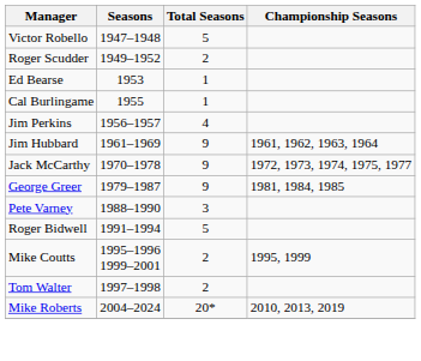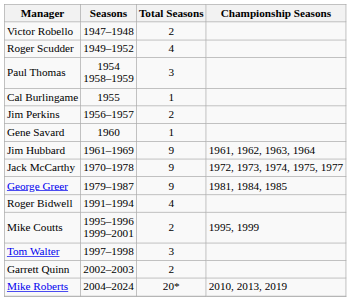 <table class="wikitable" style="text-align:center">
 <tr>
 <th>Manager</th>
 <th>Seasons</th>
 <th>Total Seasons</th>
 <th>Championship Seasons</th>
 </tr>
 <tr>
 <td style="text-align:left">Victor Robello</td>
 <td>1947–1948</td>
-<td>5</td>
+<td>2</td>
 <td style="text-align:left"></td>
 </tr>
 <tr>
 <td style="text-align:left">Roger Scudder</td>
 <td>1949–1952</td>
-<td>2</td>
+<td>4</td>
 <td style="text-align:left"></td>
 </tr>
 <tr>
-<td style="text-align:left">Ed Bearse</td>
-<td>1953</td>
-<td>1</td>
+<td style="text-align:left">Paul Thomas</td>
+<td>1954<br>1958–1959</td>
+<td>3</td>
 <td style="text-align:left"></td>
 </tr>
 <tr>
 <td style="text-align:left">Cal Burlingame</td>
 <td>1955</td>
 <td>1</td>
 <td style="text-align:left"></td>
 </tr>
 <tr>
 <td style="text-align:left">Jim Perkins</td>
 <td>1956–1957</td>
-<td>4</td>
+<td>2</td>
+<td style="text-align:left"></td>
+</tr>
+<tr>
+<td style="text-align:left">Gene Savard</td>
+<td>1960</td>
+<td>1</td>
 <td style="text-align:left"></td>
 </tr>
 <tr>
 <td style="text-align:left">Jim Hubbard</td>
 <td>1961–1969</td>
 <td>9</td>
 <td style="text-align:left">1961, 1962, 1963, 1964</td>
 </tr>
 <tr>
 <td style="text-align:left">Jack McCarthy</td>
 <td>1970–1978</td>
 <td>9</td>
 <td style="text-align:left">1972, 1973, 1974, 1975, 1977</td>
 </tr>
 <tr>
 <td style="text-align:left"><a href='#'>George Greer</a></td>
 <td>1979–1987</td>
 <td>9</td>
 <td style="text-align:left">1981, 1984, 1985</td>
 </tr>
 <tr>
-<td style="text-align:left"><a href='#'>Pete Varney</a></td>
-<td>1988–1990</td>
-<td>3</td>
-<td style="text-align:left"></td>
-</tr>
-<tr>
 <td style="text-align:left">Roger Bidwell</td>
 <td>1991–1994</td>
-<td>5</td>
+<td>4</td>
 <td style="text-align:left"></td>
 </tr>
 <tr>
 <td style="text-align:left">Mike Coutts</td>
 <td>1995–1996<br>1999–2001</td>
 <td>2</td>
 <td style="text-align:left">1995, 1999</td>
 </tr>
 <tr>
 <td style="text-align:left"><a href='#'>Tom Walter</a></td>
 <td>1997–1998</td>
+<td>3</td>
+<td style="text-align:left"></td>
+</tr>
+<tr>
+<td style="text-align:left">Garrett Quinn</td>
+<td>2002–2003</td>
 <td>2</td>
 <td style="text-align:left"></td>
 </tr>
 <tr>
 <td style="text-align:left"><a href='#'>Mike Roberts</a></td>
 <td>2004–2024</td>
 <td>20*</td>
 <td style="text-align:left">2010, 2013, 2019</td>
 </tr>
 <tr>
 </tr>
 </table>
